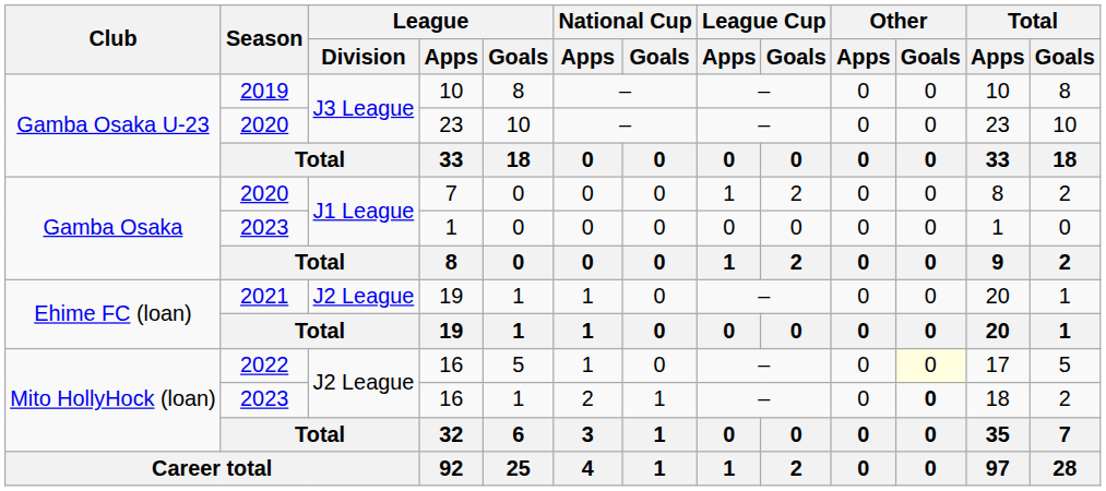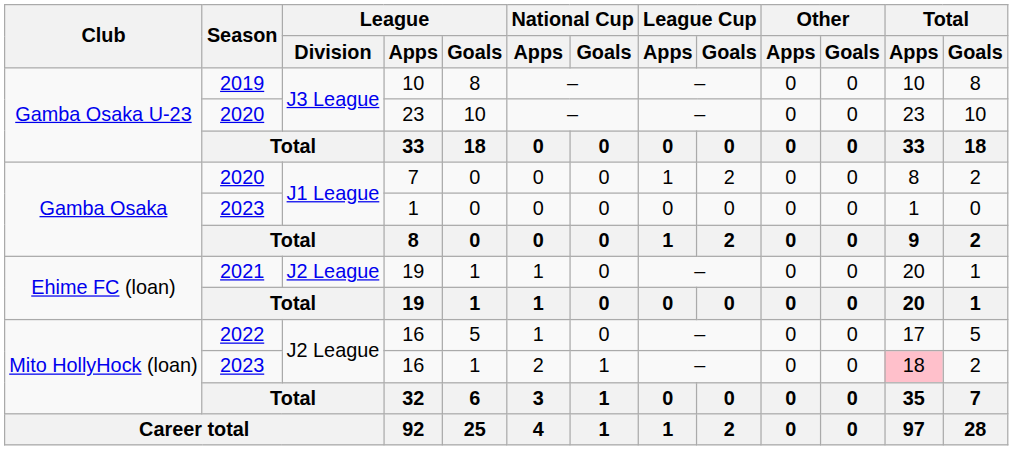 <table class="wikitable" style="text-align:center">
 <tr>
 <th rowspan="2">Club</th>
 <th rowspan="2">Season</th>
 <th colspan="3">League</th>
 <th colspan="2">National Cup</th>
 <th colspan="2">League Cup</th>
 <th colspan="2">Other</th>
 <th colspan="2">Total</th>
 </tr>
 <tr>
 <th>Division</th>
 <th>Apps</th>
 <th>Goals</th>
 <th>Apps</th>
 <th>Goals</th>
 <th>Apps</th>
 <th>Goals</th>
 <th>Apps</th>
 <th>Goals</th>
 <th>Apps</th>
 <th>Goals</th>
 </tr>
 <tr>
 <td rowspan="3"><a href='#'>Gamba Osaka U-23</a></td>
 <td><a href='#'>2019</a></td>
 <td rowspan="2"><a href='#'>J3 League</a></td>
 <td>10</td>
 <td>8</td>
 <td colspan="2">–</td>
 <td colspan="2">–</td>
 <td>0</td>
 <td>0</td>
 <td>10</td>
 <td>8</td>
 </tr>
 <tr>
 <td><a href='#'>2020</a></td>
 <td>23</td>
 <td>10</td>
 <td colspan="2">–</td>
 <td colspan="2">–</td>
 <td>0</td>
 <td>0</td>
 <td>23</td>
 <td>10</td>
 </tr>
 <tr>
 <th colspan=2>Total</th>
 <th>33</th>
 <th>18</th>
 <th>0</th>
 <th>0</th>
 <th>0</th>
 <th>0</th>
 <th>0</th>
 <th>0</th>
 <th>33</th>
 <th>18</th>
 </tr>
 <tr>
 <td rowspan="3"><a href='#'>Gamba Osaka</a></td>
 <td><a href='#'>2020</a></td>
 <td rowspan="2"><a href='#'>J1 League</a></td>
 <td>7</td>
 <td>0</td>
 <td>0</td>
 <td>0</td>
 <td>1</td>
 <td>2</td>
 <td>0</td>
 <td>0</td>
 <td>8</td>
 <td>2</td>
 </tr>
 <tr>
 <td><a href='#'>2023</a></td>
 <td>1</td>
 <td>0</td>
 <td>0</td>
 <td>0</td>
 <td>0</td>
 <td>0</td>
 <td>0</td>
 <td>0</td>
 <td>1</td>
 <td>0</td>
 </tr>
 <tr>
 <th colspan=2>Total</th>
 <th>8</th>
 <th>0</th>
 <th>0</th>
 <th>0</th>
 <th>1</th>
 <th>2</th>
 <th>0</th>
 <th>0</th>
 <th>9</th>
 <th>2</th>
 </tr>
 <tr>
 <td rowspan="2"><a href='#'>Ehime FC</a> (loan)</td>
 <td><a href='#'>2021</a></td>
 <td><a href='#'>J2 League</a></td>
 <td>19</td>
 <td>1</td>
 <td>1</td>
 <td>0</td>
 <td colspan="2">–</td>
 <td>0</td>
 <td>0</td>
 <td>20</td>
 <td>1</td>
 </tr>
 <tr>
 <th colspan=2>Total</th>
 <th>19</th>
 <th>1</th>
 <th>1</th>
 <th>0</th>
 <th>0</th>
 <th>0</th>
 <th>0</th>
 <th>0</th>
 <th>20</th>
 <th>1</th>
 </tr>
 <tr>
 <td rowspan="3"><a href='#'>Mito HollyHock</a> (loan)</td>
 <td><a href='#'>2022</a></td>
 <td rowspan="2">J2 League</td>
 <td>16</td>
 <td>5</td>
 <td>1</td>
 <td>0</td>
 <td colspan="2">–</td>
 <td>0</td>
-<td style="background: lightyellow;">0</td>
+<td>0</td>
 <td>17</td>
 <td>5</td>
 </tr>
 <tr>
 <td><a href='#'>2023</a></td>
 <td>16</td>
 <td>1</td>
 <td>2</td>
 <td>1</td>
 <td colspan="2">–</td>
 <td>0</td>
-<td><strong>0</strong></td>
-<td>18</td>
+<td>0</td>
+<td style="background: pink;">18</td>
 <td>2</td>
 </tr>
 <tr>
 <th colspan=2>Total</th>
 <th>32</th>
 <th>6</th>
 <th>3</th>
 <th>1</th>
 <th>0</th>
 <th>0</th>
 <th>0</th>
 <th>0</th>
 <th>35</th>
 <th>7</th>
 </tr>
 <tr>
 <th colspan=3>Career total</th>
 <th>92</th>
 <th>25</th>
 <th>4</th>
 <th>1</th>
 <th>1</th>
 <th>2</th>
 <th>0</th>
 <th>0</th>
 <th>97</th>
 <th>28</th>
 </tr>
 </table>
